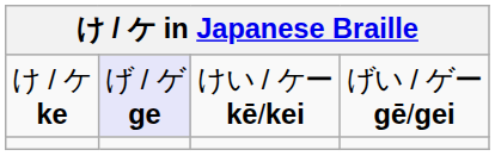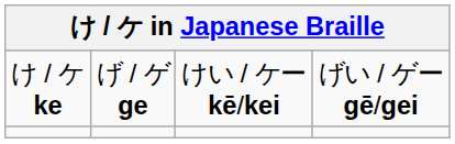 <table class="wikitable nowrap" style="text-align:center">
 <tr>
 <th colspan=4>け / ケ in <a href='#'>Japanese Braille</a></th>
 </tr>
 <tr>
 <td>け / ケ <br><strong>ke</strong></td>
-<td style="background: lavender;">げ / ゲ <br><strong>ge</strong></td>
+<td>げ / ゲ <br><strong>ge</strong></td>
 <td>けい / ケー <br><strong>kē</strong>/<strong>kei</strong></td>
 <td>げい / ゲー <br><strong>gē</strong>/<strong>gei</strong></td>
 </tr>
 <tr>
 <td></td>
 <td></td>
 <td></td>
 <td></td>
 </tr>
 </table>
